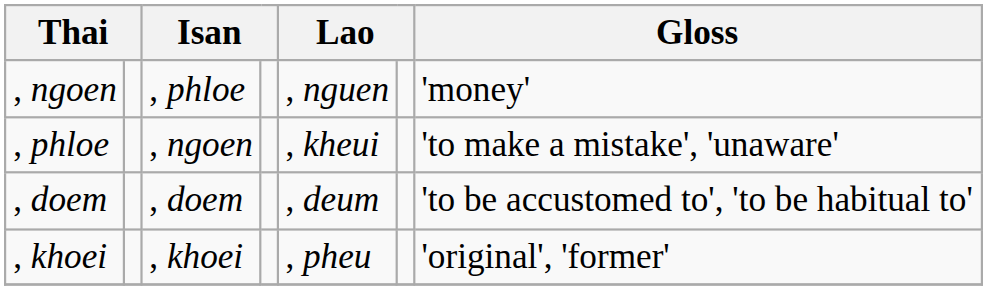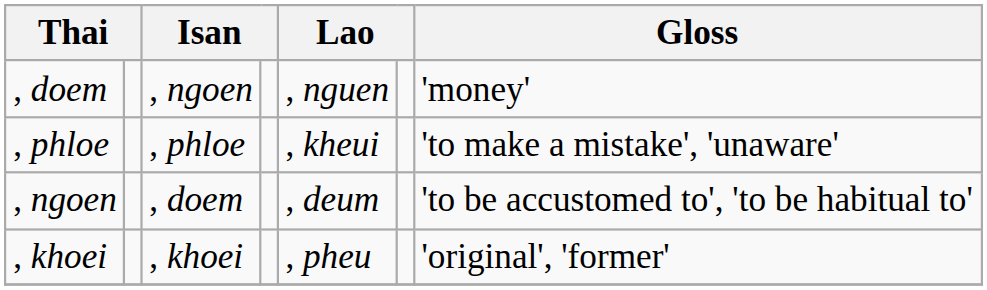 <table class="wikitable">
 <tr>
 <th colspan="2">Thai</th>
 <th colspan="2">Isan</th>
 <th colspan="2">Lao</th>
 <th>Gloss</th>
 </tr>
 <tr>
+<td>, <em>doem</em></td>
+<td></td>
 <td>, <em>ngoen</em></td>
-<td></td>
-<td>, <em>phloe</em></td>
 <td></td>
 <td>, <em>nguen</em></td>
 <td></td>
 <td>'money'</td>
 </tr>
 <tr>
 <td>, <em>phloe</em></td>
 <td></td>
-<td>, <em>ngoen</em></td>
+<td>, <em>phloe</em></td>
 <td></td>
 <td>, <em>kheui</em></td>
 <td></td>
 <td>'to make a mistake', 'unaware'</td>
 </tr>
 <tr>
-<td>, <em>doem</em></td>
+<td>, <em>ngoen</em></td>
 <td></td>
 <td>, <em>doem</em></td>
 <td></td>
 <td>, <em>deum</em></td>
 <td></td>
 <td>'to be accustomed to', 'to be habitual to'</td>
 </tr>
 <tr>
 <td>, <em>khoei</em></td>
 <td></td>
 <td>, <em>khoei</em></td>
 <td></td>
 <td>, <em>pheu</em></td>
 <td></td>
 <td>'original', 'former'</td>
 </tr>
 <tr>
 </tr>
 </table>
